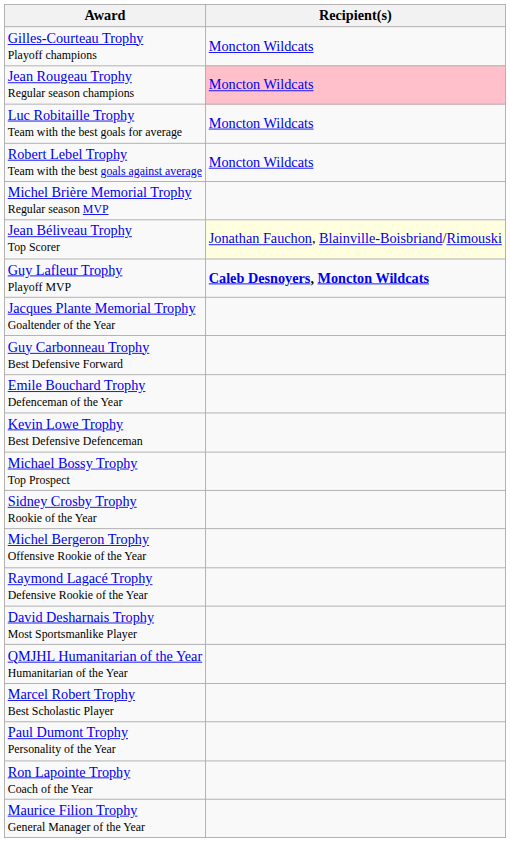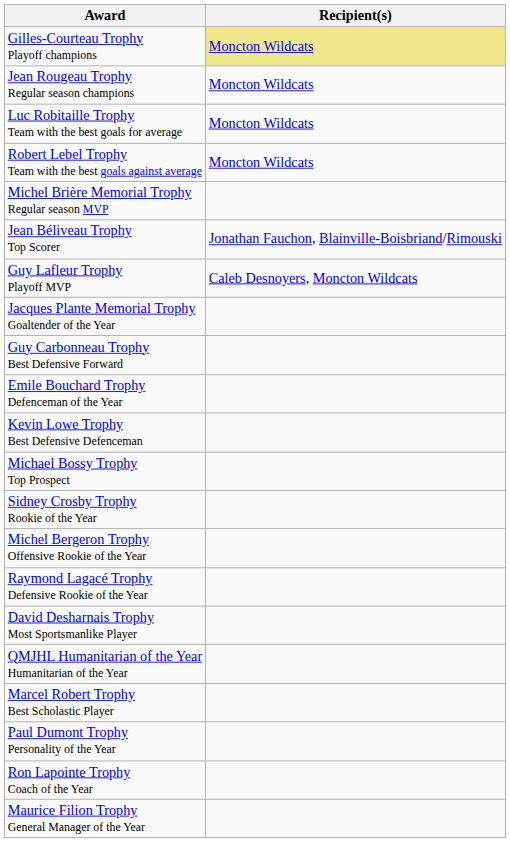 <table class="wikitable">
 <tr>
 <th>Award</th>
 <th>Recipient(s)</th>
 </tr>
 <tr>
 <td><a href='#'>Gilles-Courteau Trophy</a><br><small>Playoff champions</small></td>
-<td><a href='#'>Moncton Wildcats</a></td>
+<td style="background: khaki;"><a href='#'>Moncton Wildcats</a></td>
 </tr>
 <tr>
 <td><a href='#'>Jean Rougeau Trophy</a><br><small>Regular season champions</small></td>
-<td style="background: pink;"><a href='#'>Moncton Wildcats</a></td>
+<td><a href='#'>Moncton Wildcats</a></td>
 </tr>
 <tr>
 <td><a href='#'>Luc Robitaille Trophy</a><br><small>Team with the best goals for average</small></td>
 <td><a href='#'>Moncton Wildcats</a></td>
 </tr>
 <tr>
 <td><a href='#'>Robert Lebel Trophy</a><br><small>Team with the best <a href='#'>goals against average</a></small></td>
 <td><a href='#'>Moncton Wildcats</a></td>
 </tr>
 <tr>
 <td><a href='#'>Michel Brière Memorial Trophy</a><br><small>Regular season <a href='#'>MVP</a></small></td>
 <td></td>
 </tr>
 <tr>
 <td><a href='#'>Jean Béliveau Trophy</a><br><small>Top Scorer</small></td>
-<td style="background: lightyellow;"><a href='#'>Jonathan Fauchon</a>, <a href='#'>Blainville-Boisbriand</a>/<a href='#'>Rimouski</a></td>
+<td><a href='#'>Jonathan Fauchon</a>, <a href='#'>Blainville-Boisbriand</a>/<a href='#'>Rimouski</a></td>
 </tr>
 <tr>
 <td><a href='#'>Guy Lafleur Trophy</a><br><small>Playoff MVP</small></td>
-<td><strong><a href='#'>Caleb Desnoyers</a>, <a href='#'>Moncton Wildcats</a></strong></td>
+<td><a href='#'>Caleb Desnoyers</a>, <a href='#'>Moncton Wildcats</a></td>
 </tr>
 <tr>
 <td><a href='#'>Jacques Plante Memorial Trophy</a><br><small>Goaltender of the Year</small></td>
 <td></td>
 </tr>
 <tr>
 <td><a href='#'>Guy Carbonneau Trophy</a><br><small>Best Defensive Forward</small></td>
 <td></td>
 </tr>
 <tr>
 <td><a href='#'>Emile Bouchard Trophy</a><br><small>Defenceman of the Year</small></td>
 <td></td>
 </tr>
 <tr>
 <td><a href='#'>Kevin Lowe Trophy</a><br><small>Best Defensive Defenceman</small></td>
 <td></td>
 </tr>
 <tr>
 <td><a href='#'>Michael Bossy Trophy</a><br><small>Top Prospect</small></td>
 <td></td>
 </tr>
 <tr>
 <td><a href='#'>Sidney Crosby Trophy</a><br><small>Rookie of the Year</small></td>
 <td></td>
 </tr>
 <tr>
 <td><a href='#'>Michel Bergeron Trophy</a><br><small>Offensive Rookie of the Year</small></td>
 <td></td>
 </tr>
 <tr>
 <td><a href='#'>Raymond Lagacé Trophy</a><br><small>Defensive Rookie of the Year</small></td>
 <td></td>
 </tr>
 <tr>
 <td><a href='#'>David Desharnais Trophy</a><br><small>Most Sportsmanlike Player</small></td>
 <td></td>
 </tr>
 <tr>
 <td><a href='#'>QMJHL Humanitarian of the Year</a><br><small>Humanitarian of the Year</small></td>
 <td></td>
 </tr>
 <tr>
 <td><a href='#'>Marcel Robert Trophy</a><br><small>Best Scholastic Player</small></td>
 <td></td>
 </tr>
 <tr>
 <td><a href='#'>Paul Dumont Trophy</a><br><small>Personality of the Year</small></td>
 <td></td>
 </tr>
 <tr>
 <td><a href='#'>Ron Lapointe Trophy</a><br><small>Coach of the Year</small></td>
 <td></td>
 </tr>
 <tr>
 <td><a href='#'>Maurice Filion Trophy</a><br><small>General Manager of the Year</small></td>
 <td></td>
 </tr>
 </table>
